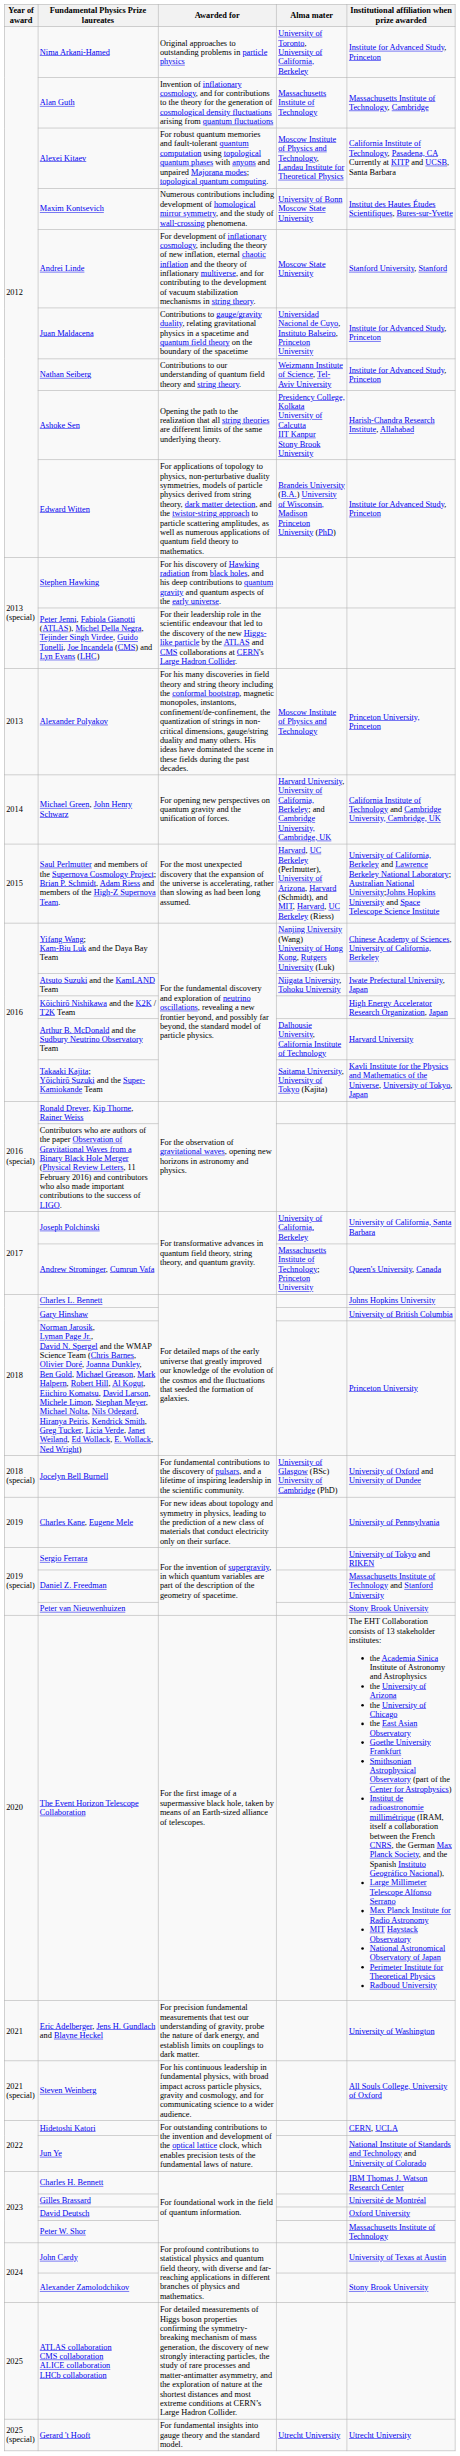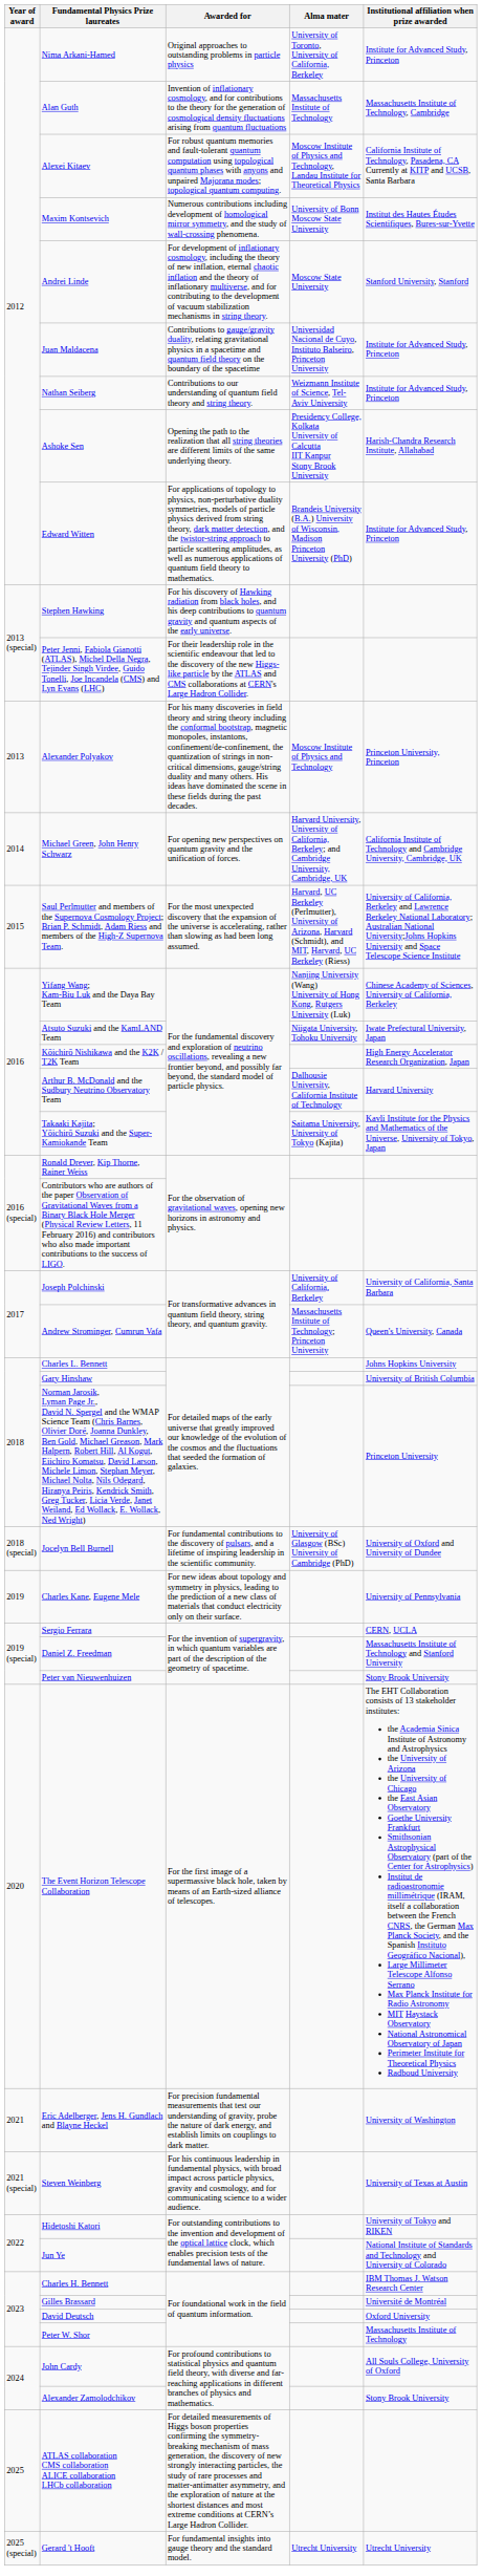 <table class="wikitable sortable">
 <tr>
 <th>Year of award</th>
 <th>Fundamental Physics Prize laureates</th>
 <th>Awarded for</th>
 <th>Alma mater</th>
 <th>Institutional affiliation when prize awarded</th>
 </tr>
 <tr>
 <td rowspan=9>2012</td>
 <td><a href='#'>Nima Arkani-Hamed</a></td>
 <td>Original approaches to outstanding problems in <a href='#'>particle physics</a></td>
 <td><a href='#'>University of Toronto</a>, <br> <a href='#'>University of California, Berkeley</a></td>
 <td><a href='#'>Institute for Advanced Study</a>, <a href='#'>Princeton</a></td>
 </tr>
 <tr>
 <td><a href='#'>Alan Guth</a></td>
 <td>Invention of <a href='#'>inflationary cosmology</a>, and for contributions to the theory for the generation of <a href='#'>cosmological density fluctuations</a> arising from <a href='#'>quantum fluctuations</a></td>
 <td><a href='#'>Massachusetts Institute of Technology</a></td>
 <td><a href='#'>Massachusetts Institute of Technology</a>, <a href='#'>Cambridge</a></td>
 </tr>
 <tr>
 <td><a href='#'>Alexei Kitaev</a></td>
 <td>For robust quantum memories and fault-tolerant <a href='#'>quantum computation</a> using <a href='#'>topological quantum phases</a> with <a href='#'>anyons</a> and unpaired <a href='#'>Majorana modes</a>; <a href='#'>topological quantum computing</a>.</td>
 <td><a href='#'>Moscow Institute of Physics and Technology</a>, <a href='#'>Landau Institute for Theoretical Physics</a></td>
 <td><a href='#'>California Institute of Technology</a>, <a href='#'>Pasadena, CA</a> Currently at <a href='#'>KITP</a> and <a href='#'>UCSB</a>, Santa Barbara</td>
 </tr>
 <tr>
 <td><a href='#'>Maxim Kontsevich</a></td>
 <td>Numerous contributions including development of <a href='#'>homological mirror symmetry</a>, and the study of <a href='#'>wall-crossing</a> phenomena.</td>
 <td><a href='#'>University of Bonn</a><br><a href='#'>Moscow State University</a></td>
 <td><a href='#'>Institut des Hautes Études Scientifiques</a>, <a href='#'>Bures-sur-Yvette</a></td>
 </tr>
 <tr>
 <td><a href='#'>Andrei Linde</a></td>
 <td>For development of <a href='#'>inflationary cosmology</a>, including the theory of new inflation, eternal <a href='#'>chaotic inflation</a> and the theory of inflationary <a href='#'>multiverse</a>, and for contributing to the development of vacuum stabilization mechanisms in <a href='#'>string theory</a>.</td>
 <td><a href='#'>Moscow State University</a></td>
 <td><a href='#'>Stanford University</a>, <a href='#'>Stanford</a></td>
 </tr>
 <tr>
 <td><a href='#'>Juan Maldacena</a></td>
 <td>Contributions to <a href='#'>gauge/gravity duality</a>, relating gravitational physics in a spacetime and <a href='#'>quantum field theory</a> on the boundary of the spacetime</td>
 <td><a href='#'>Universidad Nacional de Cuyo</a>, <a href='#'>Instituto Balseiro</a>, <a href='#'>Princeton University</a></td>
 <td><a href='#'>Institute for Advanced Study</a>, <a href='#'>Princeton</a></td>
 </tr>
 <tr>
 <td><a href='#'>Nathan Seiberg</a></td>
 <td>Contributions to our understanding of quantum field theory and <a href='#'>string theory</a>.</td>
 <td><a href='#'>Weizmann Institute of Science</a>, <a href='#'>Tel-Aviv University</a></td>
 <td><a href='#'>Institute for Advanced Study</a>, <a href='#'>Princeton</a></td>
 </tr>
 <tr>
 <td><a href='#'>Ashoke Sen</a></td>
 <td>Opening the path to the realization that all <a href='#'>string theories</a> are different limits of the same underlying theory.</td>
 <td><a href='#'>Presidency College, Kolkata</a><br><a href='#'>University of Calcutta</a><br><a href='#'>IIT Kanpur</a><br><a href='#'>Stony Brook University</a></td>
 <td><a href='#'>Harish-Chandra Research Institute</a>, <a href='#'>Allahabad</a></td>
 </tr>
 <tr>
 <td><a href='#'>Edward Witten</a></td>
 <td>For applications of topology to physics, non-perturbative duality symmetries, models of particle physics derived from string theory, <a href='#'>dark matter detection</a>, and the <a href='#'>twistor-string approach</a> to particle scattering amplitudes, as well as numerous applications of quantum field theory to mathematics.</td>
 <td><a href='#'>Brandeis University</a> (<a href='#'>B.A.</a>) <a href='#'>University of Wisconsin, Madison</a> <br> <a href='#'>Princeton University</a> (<a href='#'>PhD</a>)</td>
 <td><a href='#'>Institute for Advanced Study</a>, <a href='#'>Princeton</a></td>
 </tr>
 <tr>
 <td rowspan=2>2013 (special)</td>
 <td><a href='#'>Stephen Hawking</a></td>
 <td>For his discovery of <a href='#'>Hawking radiation</a> from <a href='#'>black holes</a>, and his deep contributions to <a href='#'>quantum gravity</a> and quantum aspects of the <a href='#'>early universe</a>.</td>
 <td></td>
 <td></td>
 </tr>
 <tr>
 <td><a href='#'>Peter Jenni</a>, <a href='#'>Fabiola Gianotti</a> (<a href='#'>ATLAS</a>), <a href='#'>Michel Della Negra</a>, <a href='#'>Tejinder Singh Virdee</a>, <a href='#'>Guido Tonelli</a>, <a href='#'>Joe Incandela</a> (<a href='#'>CMS</a>) and <a href='#'>Lyn Evans</a> (<a href='#'>LHC</a>)</td>
 <td>For their leadership role in the scientific endeavour that led to the discovery of the new <a href='#'>Higgs-like particle</a> by the <a href='#'>ATLAS</a> and <a href='#'>CMS</a> collaborations at <a href='#'>CERN</a>'s <a href='#'>Large Hadron Collider</a>.</td>
 <td></td>
 <td></td>
 </tr>
 <tr>
 <td>2013</td>
 <td><a href='#'>Alexander Polyakov</a></td>
 <td>For his many discoveries in field theory and string theory including the <a href='#'>conformal bootstrap</a>, magnetic monopoles, instantons, confinement/de-confinement, the quantization of strings in non-critical dimensions, gauge/string duality and many others. His ideas have dominated the scene in these fields during the past decades.</td>
 <td><a href='#'>Moscow Institute of Physics and Technology</a></td>
 <td><a href='#'>Princeton University, Princeton</a></td>
 </tr>
 <tr>
 <td>2014</td>
 <td><a href='#'>Michael Green</a>, <a href='#'>John Henry Schwarz</a></td>
 <td>For opening new perspectives on quantum gravity and the unification of forces.</td>
 <td><a href='#'>Harvard University</a>, <a href='#'>University of California, Berkeley</a>; and <br> <a href='#'>Cambridge University, Cambridge, UK</a></td>
 <td><a href='#'>California Institute of Technology</a> and <a href='#'>Cambridge University, Cambridge, UK</a></td>
 </tr>
 <tr>
 <td>2015</td>
 <td><a href='#'>Saul Perlmutter</a> and members of the <a href='#'>Supernova Cosmology Project</a>; <br><a href='#'>Brian P. Schmidt</a>, <a href='#'>Adam Riess</a> and members of the <a href='#'>High-Z Supernova Team</a>.</td>
 <td>For the most unexpected discovery that the expansion of the universe is accelerating, rather than slowing as had been long assumed.</td>
 <td><a href='#'>Harvard</a>, <a href='#'>UC Berkeley</a> (Perlmutter), <a href='#'>University of Arizona</a>, <a href='#'>Harvard</a> (Schmidt), and <a href='#'>MIT</a>, <a href='#'>Harvard</a>, <a href='#'>UC Berkeley</a> (Riess)</td>
 <td><a href='#'>University of California, Berkeley</a> and <a href='#'>Lawrence Berkeley National Laboratory</a>; <a href='#'>Australian National University</a>;<a href='#'>Johns Hopkins University</a> and <a href='#'>Space Telescope Science Institute</a></td>
 </tr>
 <tr>
 <td rowspan=5>2016</td>
 <td><a href='#'>Yifang Wang</a>; <br><a href='#'>Kam-Biu Luk</a> and the Daya Bay Team</td>
 <td rowspan=5>For the fundamental discovery and exploration of <a href='#'>neutrino oscillations</a>, revealing a new frontier beyond, and possibly far beyond, the standard model of particle physics.</td>
 <td><a href='#'>Nanjing University</a> (Wang)<br><a href='#'>University of Hong Kong</a>, <a href='#'>Rutgers University</a> (Luk)</td>
 <td><a href='#'>Chinese Academy of Sciences</a>, <a href='#'>University of California, Berkeley</a></td>
 </tr>
 <tr>
 <td><a href='#'>Atsuto Suzuki</a> and the <a href='#'>KamLAND</a> Team</td>
 <td><a href='#'>Niigata University</a>, <a href='#'>Tohoku University</a></td>
 <td><a href='#'>Iwate Prefectural University</a>, <a href='#'>Japan</a></td>
 </tr>
 <tr>
 <td><a href='#'>Kōichirō Nishikawa</a> and the <a href='#'>K2K</a> / <a href='#'>T2K</a> Team</td>
 <td></td>
 <td><a href='#'>High Energy Accelerator Research Organization</a>, <a href='#'>Japan</a></td>
 </tr>
 <tr>
 <td><a href='#'>Arthur B. McDonald</a> and the <a href='#'>Sudbury Neutrino Observatory</a> Team</td>
 <td><a href='#'>Dalhousie University</a>, <a href='#'>California Institute of Technology</a></td>
 <td><a href='#'>Harvard University</a></td>
 </tr>
 <tr>
 <td><a href='#'>Takaaki Kajita</a>; <br><a href='#'>Yōichirō Suzuki</a> and the <a href='#'>Super-Kamiokande</a> Team</td>
 <td><a href='#'>Saitama University</a>, <a href='#'>University of Tokyo</a> (Kajita)</td>
 <td><a href='#'>Kavli Institute for the Physics and Mathematics of the Universe</a>, <a href='#'>University of Tokyo</a>, <a href='#'>Japan</a></td>
 </tr>
 <tr>
 <td rowspan=2>2016 (special)</td>
 <td><a href='#'>Ronald Drever</a>, <a href='#'>Kip Thorne</a>, <a href='#'>Rainer Weiss</a></td>
 <td rowspan=2>For the observation of <a href='#'>gravitational waves</a>, opening new horizons in astronomy and physics.</td>
 <td></td>
 <td></td>
 </tr>
 <tr>
 <td>Сontributors who are authors of the paper <a href='#'>Observation of Gravitational Waves from a Binary Black Hole Merger</a> (<a href='#'>Physical Review Letters</a>, 11 February 2016) and contributors who also made important contributions to the success of <a href='#'>LIGO</a>.</td>
 <td></td>
 <td></td>
 </tr>
 <tr>
 <td rowspan="2">2017</td>
 <td><a href='#'>Joseph Polchinski</a></td>
 <td rowspan="2">For transformative advances in quantum field theory, string theory, and quantum gravity.</td>
 <td><a href='#'>University of California, Berkeley</a></td>
 <td><a href='#'>University of California, Santa Barbara</a></td>
 </tr>
 <tr>
 <td><a href='#'>Andrew Strominger</a>, <a href='#'>Cumrun Vafa</a></td>
 <td><a href='#'>Massachusetts Institute of Technology</a>; <a href='#'>Princeton University</a></td>
 <td><a href='#'>Queen's University</a>, <a href='#'>Canada</a></td>
 </tr>
 <tr>
 <td rowspan="3">2018</td>
 <td><a href='#'>Charles L. Bennett</a></td>
 <td rowspan="3">For detailed maps of the early universe that greatly improved our knowledge of the evolution of the cosmos and the fluctuations that seeded the formation of galaxies.</td>
 <td></td>
 <td><a href='#'>Johns Hopkins University</a></td>
 </tr>
 <tr>
 <td><a href='#'>Gary Hinshaw</a></td>
 <td></td>
 <td><a href='#'>University of British Columbia</a></td>
 </tr>
 <tr>
 <td><a href='#'>Norman Jarosik</a>,<br><a href='#'>Lyman Page Jr.</a>,<br><a href='#'>David N. Spergel</a> and the WMAP Science Team (<a href='#'>Chris Barnes</a>, <a href='#'>Olivier Doré</a>, <a href='#'>Joanna Dunkley</a>, <a href='#'>Ben Gold</a>, <a href='#'>Michael Greason</a>, <a href='#'>Mark Halpern</a>, <a href='#'>Robert Hill</a>, <a href='#'>Al Kogut</a>, <a href='#'>Eiichiro Komatsu</a>, <a href='#'>David Larson</a>, <a href='#'>Michele Limon</a>, <a href='#'>Stephan Meyer</a>, <a href='#'>Michael Nolta</a>, <a href='#'>Nils Odegard</a>, <a href='#'>Hiranya Peiris</a>, <a href='#'>Kendrick Smith</a>, <a href='#'>Greg Tucker</a>, <a href='#'>Licia Verde</a>, <a href='#'>Janet Weiland</a>, <a href='#'>Ed Wollack</a>, <a href='#'>E. Wollack</a>, <a href='#'>Ned Wright</a>)</td>
 <td></td>
 <td><a href='#'>Princeton University</a></td>
 </tr>
 <tr>
 <td>2018 (special)</td>
 <td><a href='#'>Jocelyn Bell Burnell</a></td>
 <td>For fundamental contributions to the discovery of <a href='#'>pulsars</a>, and a lifetime of inspiring leadership in the scientific community.</td>
 <td><a href='#'>University of Glasgow</a> (BSc) <br><a href='#'>University of Cambridge</a> (PhD)</td>
 <td><a href='#'>University of Oxford</a> and <a href='#'>University of Dundee</a></td>
 </tr>
 <tr>
 <td>2019</td>
 <td><a href='#'>Charles Kane</a>, <a href='#'>Eugene Mele</a></td>
 <td>For new ideas about topology and symmetry in physics, leading to the prediction of a new class of materials that conduct electricity only on their surface.</td>
 <td></td>
 <td><a href='#'>University of Pennsylvania</a></td>
 </tr>
 <tr>
 <td rowspan="3">2019 (special)</td>
 <td><a href='#'>Sergio Ferrara</a></td>
 <td rowspan="3">For the invention of <a href='#'>supergravity</a>, in which quantum variables are part of the description of the geometry of spacetime.</td>
 <td></td>
-<td><a href='#'>University of Tokyo</a> and <a href='#'>RIKEN</a></td>
+<td><a href='#'>CERN</a>, <a href='#'>UCLA</a></td>
 </tr>
 <tr>
 <td><a href='#'>Daniel Z. Freedman</a></td>
 <td></td>
 <td><a href='#'>Massachusetts Institute of Technology</a> and <a href='#'>Stanford University</a></td>
 </tr>
 <tr>
 <td><a href='#'>Peter van Nieuwenhuizen</a></td>
 <td></td>
 <td><a href='#'>Stony Brook University</a></td>
 </tr>
 <tr>
 <td>2020</td>
 <td><a href='#'>The Event Horizon Telescope Collaboration</a></td>
 <td>For the first image of a supermassive black hole, taken by means of an Earth-sized alliance of telescopes.</td>
 <td></td>
 <td>The EHT Collaboration consists of 13 stakeholder institutes:<br><ul><li>the <a href='#'>Academia Sinica</a> Institute of Astronomy and Astrophysics</li><li>the <a href='#'>University of Arizona</a></li><li>the <a href='#'>University of Chicago</a></li><li>the <a href='#'>East Asian Observatory</a></li><li><a href='#'>Goethe University Frankfurt</a></li><li><a href='#'>Smithsonian Astrophysical Observatory</a> (part of the <a href='#'>Center for Astrophysics</a>)</li><li><a href='#'>Institut de radioastronomie millimétrique</a> (IRAM, itself a collaboration between the French <a href='#'>CNRS</a>, the German <a href='#'>Max Planck Society</a>, and the Spanish <a href='#'>Instituto Geográfico Nacional</a>),</li><li><a href='#'>Large Millimeter Telescope Alfonso Serrano</a></li><li><a href='#'>Max Planck Institute for Radio Astronomy</a></li><li><a href='#'>MIT</a> <a href='#'>Haystack Observatory</a></li><li><a href='#'>National Astronomical Observatory of Japan</a></li><li><a href='#'>Perimeter Institute for Theoretical Physics</a></li><li><a href='#'>Radboud University</a></li></ul></td>
 </tr>
 <tr>
 <td>2021</td>
 <td><a href='#'>Eric Adelberger</a>, <a href='#'>Jens H. Gundlach</a> and <a href='#'>Blayne Heckel</a></td>
 <td>For precision fundamental measurements that test our understanding of gravity, probe the nature of dark energy, and establish limits on couplings to dark matter.</td>
 <td></td>
 <td><a href='#'>University of Washington</a></td>
 </tr>
 <tr>
 <td>2021 (special)</td>
 <td><a href='#'>Steven Weinberg</a></td>
 <td>For his continuous leadership in fundamental physics, with broad impact across particle physics, gravity and cosmology, and for communicating science to a wider audience.</td>
 <td></td>
-<td><a href='#'>All Souls College, University of Oxford</a></td>
+<td><a href='#'>University of Texas at Austin</a></td>
 </tr>
 <tr>
 <td rowspan="2">2022</td>
 <td><a href='#'>Hidetoshi Katori</a></td>
 <td rowspan="2">For outstanding contributions to the invention and development of the <a href='#'>optical lattice</a> clock, which enables precision tests of the fundamental laws of nature.</td>
 <td></td>
-<td><a href='#'>CERN</a>, <a href='#'>UCLA</a></td>
+<td><a href='#'>University of Tokyo</a> and <a href='#'>RIKEN</a></td>
 </tr>
 <tr>
 <td><a href='#'>Jun Ye</a></td>
 <td></td>
 <td><a href='#'>National Institute of Standards and Technology</a> and <a href='#'>University of Colorado</a></td>
 </tr>
 <tr>
 <td rowspan="4">2023</td>
 <td><a href='#'>Charles H. Bennett</a></td>
 <td rowspan="4">For foundational work in the field of quantum information.</td>
 <td></td>
 <td><a href='#'>IBM Thomas J. Watson Research Center</a></td>
 </tr>
 <tr>
 <td><a href='#'>Gilles Brassard</a></td>
 <td></td>
 <td><a href='#'>Université de Montréal</a></td>
 </tr>
 <tr>
 <td><a href='#'>David Deutsch</a></td>
 <td></td>
 <td><a href='#'>Oxford University</a></td>
 </tr>
 <tr>
 <td><a href='#'>Peter W. Shor</a></td>
 <td></td>
 <td><a href='#'>Massachusetts Institute of Technology</a></td>
 </tr>
 <tr>
 <td rowspan="2">2024</td>
 <td><a href='#'>John Cardy</a></td>
 <td rowspan="2">For profound contributions to statistical physics and quantum field theory, with diverse and far-reaching applications in different branches of physics and mathematics.</td>
 <td></td>
-<td><a href='#'>University of Texas at Austin</a></td>
+<td><a href='#'>All Souls College, University of Oxford</a></td>
 </tr>
 <tr>
 <td><a href='#'>Alexander Zamolodchikov</a></td>
 <td></td>
 <td><a href='#'>Stony Brook University</a></td>
 </tr>
 <tr>
 <td>2025</td>
 <td><a href='#'>ATLAS collaboration</a><br><a href='#'>CMS collaboration</a><br><a href='#'>ALICE collaboration</a><br><a href='#'>LHCb collaboration</a></td>
 <td>For detailed measurements of Higgs boson properties confirming the symmetry-breaking mechanism of mass generation, the discovery of new strongly interacting particles, the study of rare processes and matter-antimatter asymmetry, and the exploration of nature at the shortest distances and most extreme conditions at CERN’s Large Hadron Collider.</td>
 <td></td>
 <td></td>
 </tr>
 <tr>
 <td>2025<br>(special)</td>
 <td><a href='#'>Gerard 't Hooft</a></td>
 <td>For fundamental insights into gauge theory and the standard model.</td>
 <td><a href='#'>Utrecht University</a></td>
 <td><a href='#'>Utrecht University</a></td>
 </tr>
 </table>
